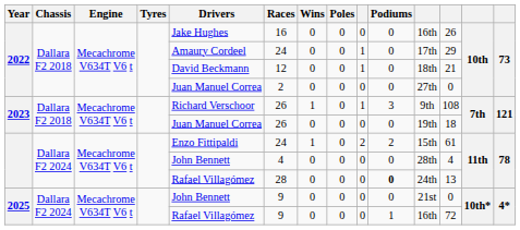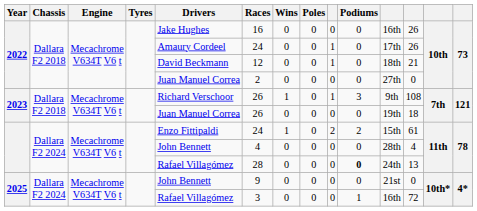 <table class="wikitable" style="text-align:center; font-size:85%">
 <tr>
 <th>Year</th>
 <th>Chassis</th>
 <th>Engine</th>
 <th>Tyres</th>
 <th>Drivers</th>
 <th>Races</th>
 <th>Wins</th>
 <th>Poles</th>
 <th></th>
 <th>Podiums</th>
 <th></th>
 <th></th>
 <th></th>
 <th></th>
 </tr>
 <tr>
 <th rowspan=4><a href='#'>2022</a></th>
 <td rowspan=4><a href='#'>Dallara</a><br><a href='#'>F2 2018</a></td>
 <td rowspan=4><a href='#'>Mecachrome</a><br><a href='#'>V634T</a> <a href='#'>V6</a> <a href='#'>t</a></td>
 <td rowspan=4></td>
 <td align=left> <a href='#'>Jake Hughes</a></td>
 <td>16</td>
 <td>0</td>
 <td>0</td>
 <td>0</td>
 <td>0</td>
 <td style="background:;">16th</td>
 <td style="background:;">26</td>
 <th rowspan=4 style="background:;">10th</th>
 <th rowspan=4 style="background:;">73</th>
 </tr>
 <tr>
 <td align=left> <a href='#'>Amaury Cordeel</a></td>
 <td>24</td>
 <td>0</td>
 <td>0</td>
 <td>1</td>
 <td>0</td>
 <td>17th</td>
-<td>29</td>
+<td>26</td>
 </tr>
 <tr>
 <td align=left> <a href='#'>David Beckmann</a></td>
 <td>12</td>
 <td>0</td>
 <td>0</td>
 <td>1</td>
 <td>0</td>
 <td>18th</td>
 <td>21</td>
 </tr>
 <tr>
 <td align=left> <a href='#'>Juan Manuel Correa</a></td>
 <td>2</td>
 <td>0</td>
 <td>0</td>
 <td>0</td>
 <td>0</td>
 <td>27th</td>
 <td>0</td>
 </tr>
 <tr>
 <th rowspan="2"><a href='#'>2023</a></th>
 <td rowspan=2><a href='#'>Dallara</a><br><a href='#'>F2 2018</a></td>
 <td rowspan=2><a href='#'>Mecachrome</a><br><a href='#'>V634T</a> <a href='#'>V6</a> <a href='#'>t</a></td>
 <td rowspan=2></td>
 <td align=left> <a href='#'>Richard Verschoor</a></td>
 <td>26</td>
 <td>1</td>
 <td>0</td>
 <td>1</td>
 <td>3</td>
 <td style="background:;">9th</td>
 <td style="background:;">108</td>
 <th rowspan="2" style="background:#;">7th</th>
 <th rowspan="2" style="background:#;">121</th>
 </tr>
 <tr>
 <td align=left> <a href='#'>Juan Manuel Correa</a></td>
 <td>26</td>
 <td>0</td>
 <td>0</td>
 <td>0</td>
 <td>0</td>
 <td style="background:#;">19th</td>
 <td style="background:#;">18</td>
 </tr>
 <tr>
 <th rowspan=3></th>
 <td rowspan=3><a href='#'>Dallara</a><br><a href='#'>F2 2024</a></td>
 <td rowspan=3><a href='#'>Mecachrome</a><br><a href='#'>V634T</a> <a href='#'>V6</a> <a href='#'>t</a></td>
 <td rowspan=3></td>
 <td align=left> <a href='#'>Enzo Fittipaldi</a></td>
 <td>24</td>
 <td>1</td>
 <td>0</td>
 <td>2</td>
 <td>2</td>
 <td>15th</td>
 <td>61</td>
 <th rowspan="3">11th</th>
 <th rowspan="3">78</th>
 </tr>
 <tr>
 <td align=left> <a href='#'>John Bennett</a></td>
 <td>4</td>
 <td>0</td>
 <td>0</td>
 <td>0</td>
 <td>0</td>
 <td>28th</td>
 <td>4</td>
 </tr>
 <tr>
 <td align=left> <a href='#'>Rafael Villagómez</a></td>
 <td>28</td>
 <td>0</td>
 <td>0</td>
 <td>0</td>
 <td><strong>0</strong></td>
 <td>24th</td>
 <td>13</td>
 </tr>
 <tr>
 <th rowspan="2"><a href='#'>2025</a></th>
 <td rowspan=2><a href='#'>Dallara</a><br><a href='#'>F2 2024</a></td>
 <td rowspan=2><a href='#'>Mecachrome</a><br><a href='#'>V634T</a> <a href='#'>V6</a> <a href='#'>t</a></td>
 <td rowspan=2></td>
 <td align=left> <a href='#'>John Bennett</a></td>
 <td>9</td>
 <td>0</td>
 <td>0</td>
 <td>0</td>
 <td>0</td>
 <td style="background:#;">21st</td>
 <td style="background:#;">0</td>
 <th rowspan="2" style="background:#;">10th*</th>
 <th rowspan="2" style="background:#;">4*</th>
 </tr>
 <tr>
 <td align=left> <a href='#'>Rafael Villagómez</a></td>
-<td>9</td>
+<td>3</td>
 <td>0</td>
 <td>0</td>
 <td>0</td>
 <td>1</td>
 <td style="background:#;">16th</td>
 <td style="background:#;">72</td>
 </tr>
 </table>
